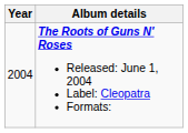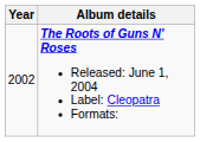 <table class="wikitable">
 <tr>
 <th>Year</th>
 <th width="200">Album details</th>
 </tr>
 <tr>
-<td>2004</td>
+<td>2002</td>
 <td><strong><em><a href='#'>The Roots of Guns N' Roses</a></em></strong><br><ul><li>Released: June 1, 2004</li><li>Label: <a href='#'>Cleopatra</a></li><li>Formats:</li></ul></td>
 </tr>
 </table>
